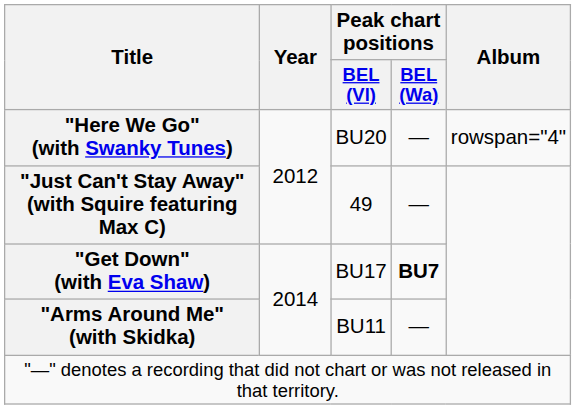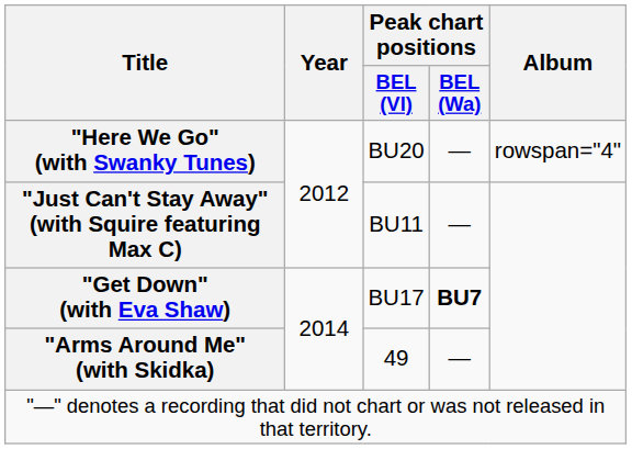 <table class="wikitable plainrowheaders" style="text-align:center;">
 <tr>
 <th scope="col" rowspan="2" style="width:12em;">Title</th>
 <th scope="col" rowspan="2" style="width:3em;">Year</th>
 <th scope="col" colspan="2">Peak chart positions</th>
 <th scope="col" rowspan="2" style="width:3.5em;">Album</th>
 </tr>
 <tr>
 <th scope="col" style="width:2.5em;font-size:90%;"><a href='#'>BEL (Vl)</a><br></th>
 <th scope="col" style="width:2.5em;font-size:90%;"><a href='#'>BEL (Wa)</a><br></th>
 </tr>
 <tr>
 <th scope="row">"Here We Go" <br><span>(with <a href='#'>Swanky Tunes</a>)</span></th>
 <td rowspan="2">2012</td>
 <td>BU20</td>
 <td>―</td>
 <td>rowspan="4" </td>
 </tr>
 <tr>
 <th scope="row">"Just Can't Stay Away" <br><span>(with Squire featuring Max C)</span></th>
-<td>49</td>
+<td>BU11</td>
 <td>—</td>
 </tr>
 <tr>
 <th scope="row">"Get Down" <br><span>(with <a href='#'>Eva Shaw</a>)</span></th>
 <td rowspan="2">2014</td>
 <td>BU17</td>
 <td><strong>BU7</strong></td>
 </tr>
 <tr>
 <th scope="row">"Arms Around Me" <br><span>(with Skidka)</span></th>
-<td>BU11</td>
+<td>49</td>
 <td>—</td>
 </tr>
 <tr>
 <td colspan="6" style="font-size:90%">"—" denotes a recording that did not chart or was not released in that territory.</td>
 </tr>
 </table>
